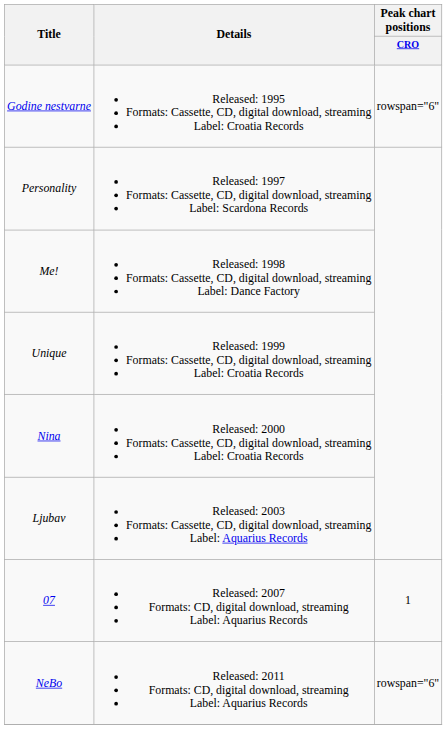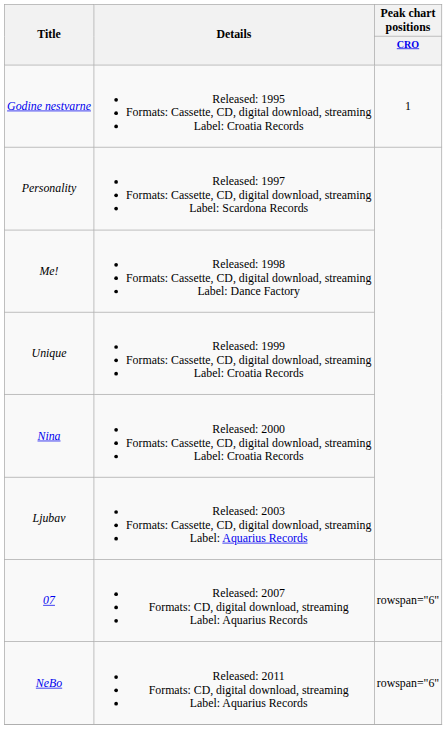 <table class="wikitable plainrowheaders" style="text-align:center;">
 <tr>
 <th scope="col" rowspan="2">Title</th>
 <th scope="col" rowspan="2">Details</th>
 <th scope="col" colspan="1">Peak chart positions</th>
 </tr>
 <tr>
 <th scope="col" style="width:3em;font-size:85%;"><a href='#'>CRO</a><br><br></th>
 </tr>
 <tr>
 <td><em><a href='#'>Godine nestvarne</a></em></td>
 <td><br><ul><li>Released: 1995</li><li>Formats: Cassette, CD, digital download, streaming</li><li>Label: Croatia Records</li></ul></td>
-<td>rowspan="6" </td>
+<td>1</td>
 </tr>
 <tr>
 <td><em>Personality</em></td>
 <td><br><ul><li>Released: 1997</li><li>Formats: Cassette, CD, digital download, streaming</li><li>Label: Scardona Records</li></ul></td>
 </tr>
 <tr>
 <td><em>Me!</em></td>
 <td><br><ul><li>Released: 1998</li><li>Formats: Cassette, CD, digital download, streaming</li><li>Label: Dance Factory</li></ul></td>
 </tr>
 <tr>
 <td><em>Unique</em></td>
 <td><br><ul><li>Released: 1999</li><li>Formats: Cassette, CD, digital download, streaming</li><li>Label: Croatia Records</li></ul></td>
 </tr>
 <tr>
 <td><em><a href='#'>Nina</a></em></td>
 <td><br><ul><li>Released: 2000</li><li>Formats: Cassette, CD, digital download, streaming</li><li>Label: Croatia Records</li></ul></td>
 </tr>
 <tr>
 <td><em>Ljubav</em></td>
 <td><br><ul><li>Released: 2003</li><li>Formats: Cassette, CD, digital download, streaming</li><li>Label: <a href='#'>Aquarius Records</a></li></ul></td>
 </tr>
 <tr>
 <td><em><a href='#'>07</a></em></td>
 <td><br><ul><li>Released: 2007</li><li>Formats: CD, digital download, streaming</li><li>Label: Aquarius Records</li></ul></td>
-<td>1</td>
+<td>rowspan="6" </td>
 </tr>
 <tr>
 <td><em><a href='#'>NeBo</a></em></td>
 <td><br><ul><li>Released: 2011</li><li>Formats: CD, digital download, streaming</li><li>Label: Aquarius Records</li></ul></td>
 <td>rowspan="6" </td>
 </tr>
 <tr>
 </tr>
 </table>
